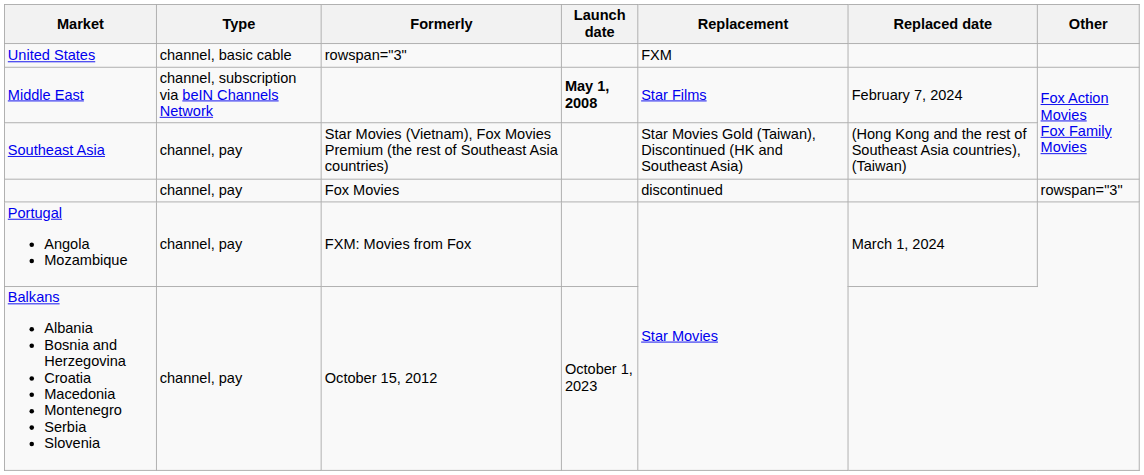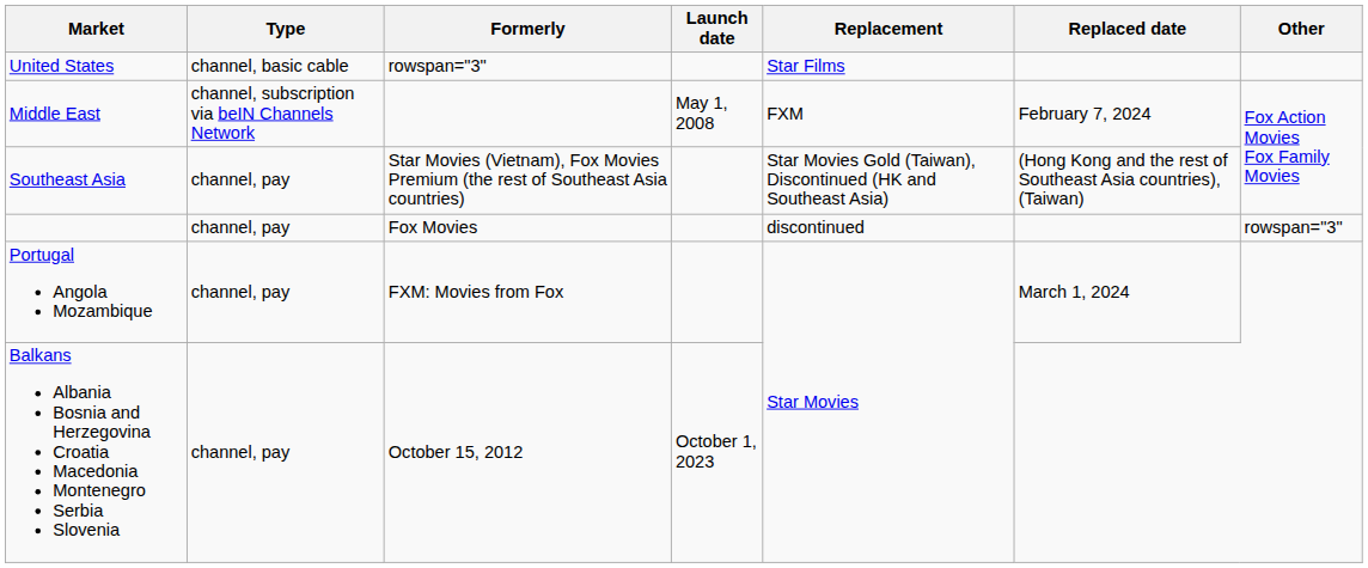 <table class="wikitable sortable">
 <tr>
 <th>Market</th>
 <th>Type</th>
 <th>Formerly</th>
 <th>Launch date</th>
 <th>Replacement</th>
 <th>Replaced date</th>
 <th>Other</th>
 </tr>
 <tr>
 <td><a href='#'>United States</a></td>
 <td>channel, basic cable</td>
 <td>rowspan="3" </td>
 <td></td>
-<td>FXM</td>
+<td><a href='#'>Star Films</a></td>
 <td></td>
 <td></td>
 </tr>
 <tr>
 <td><a href='#'>Middle East</a></td>
 <td>channel, subscription via <a href='#'>beIN Channels Network</a></td>
 <td></td>
-<td><strong>May 1, 2008</strong></td>
-<td><a href='#'>Star Films</a></td>
+<td>May 1, 2008</td>
+<td>FXM</td>
 <td>February 7, 2024</td>
 <td rowspan="2"><a href='#'>Fox Action Movies</a><br><a href='#'>Fox Family Movies</a></td>
 </tr>
 <tr>
 <td><a href='#'>Southeast Asia</a></td>
 <td>channel, pay</td>
 <td>Star Movies (Vietnam), Fox Movies Premium (the rest of Southeast Asia countries)</td>
 <td></td>
 <td>Star Movies Gold (Taiwan), Discontinued (HK and Southeast Asia)</td>
 <td> (Hong Kong and the rest of Southeast Asia countries),  (Taiwan)</td>
 </tr>
 <tr>
 <td></td>
 <td>channel, pay</td>
 <td>Fox Movies</td>
 <td></td>
 <td>discontinued</td>
 <td></td>
 <td>rowspan="3" </td>
 </tr>
 <tr>
 <td><a href='#'>Portugal</a><br><ul><li>Angola</li><li>Mozambique</li></ul></td>
 <td>channel, pay</td>
 <td>FXM: Movies from Fox</td>
 <td></td>
 <td rowspan="2"><a href='#'>Star Movies</a></td>
 <td>March 1, 2024</td>
 </tr>
 <tr>
 <td><a href='#'>Balkans</a><br><ul><li>Albania</li><li>Bosnia and Herzegovina</li><li>Croatia</li><li>Macedonia</li><li>Montenegro</li><li>Serbia</li><li>Slovenia</li></ul></td>
 <td>channel, pay</td>
 <td>October 15, 2012</td>
 <td>October 1, 2023</td>
 </tr>
 </table>
